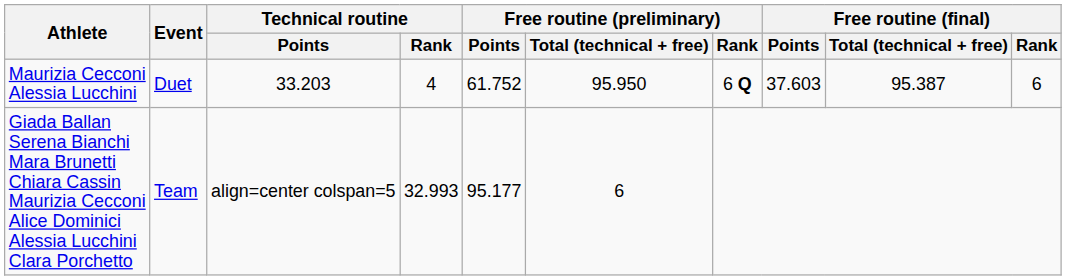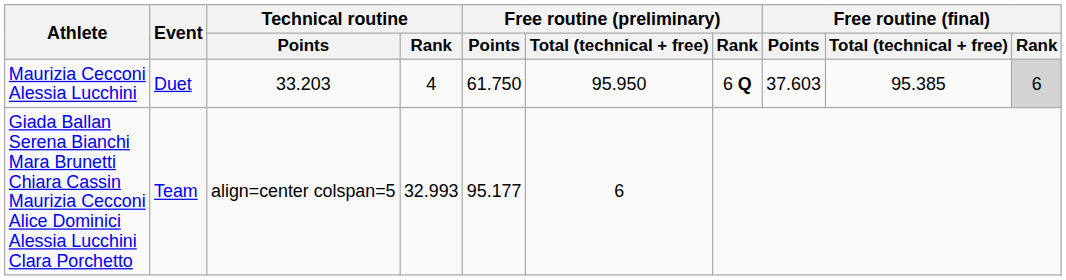 <table class="wikitable" style="font-size:90%">
 <tr>
 <th rowspan="2">Athlete</th>
 <th rowspan="2">Event</th>
 <th colspan=2>Technical routine</th>
 <th colspan=3>Free routine (preliminary)</th>
 <th colspan=3>Free routine (final)</th>
 </tr>
 <tr style="font-size:95%">
 <th>Points</th>
 <th>Rank</th>
 <th>Points</th>
 <th>Total (technical + free)</th>
 <th>Rank</th>
 <th>Points</th>
 <th>Total (technical + free)</th>
 <th>Rank</th>
 </tr>
 <tr>
 <td align=left><a href='#'>Maurizia Cecconi</a><br> <a href='#'>Alessia Lucchini</a></td>
 <td align=left><a href='#'>Duet</a></td>
 <td align=center>33.203</td>
 <td align=center>4</td>
-<td align=center>61.752</td>
+<td align=center>61.750</td>
 <td align=center>95.950</td>
 <td align=center>6 <strong>Q</strong></td>
 <td align=center>37.603</td>
-<td align=center>95.387</td>
-<td align=center>6</td>
+<td align=center>95.385</td>
+<td align=center style="background: lightgrey;">6</td>
 </tr>
 <tr>
 <td align=left><a href='#'>Giada Ballan</a><br> <a href='#'>Serena Bianchi</a><br> <a href='#'>Mara Brunetti</a><br> <a href='#'>Chiara Cassin</a><br> <a href='#'>Maurizia Cecconi</a><br> <a href='#'>Alice Dominici</a><br> <a href='#'>Alessia Lucchini</a><br> <a href='#'>Clara Porchetto</a></td>
 <td align=left><a href='#'>Team</a></td>
 <td>align=center colspan=5 </td>
 <td align=center>32.993</td>
 <td align=center>95.177</td>
 <td align=center>6</td>
 </tr>
 </table>
